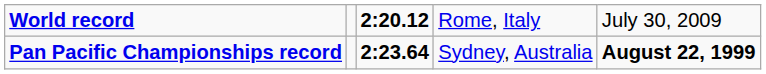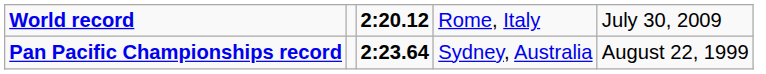 <table class="wikitable">
 <tr>
 <td><strong><a href='#'>World record</a></strong></td>
 <td></td>
 <td><strong>2:20.12</strong></td>
 <td><a href='#'>Rome</a>, <a href='#'>Italy</a></td>
 <td>July 30, 2009</td>
 </tr>
 <tr>
 <td><strong><a href='#'>Pan Pacific Championships record</a></strong></td>
 <td></td>
 <td><strong>2:23.64</strong></td>
 <td><a href='#'>Sydney</a>, <a href='#'>Australia</a></td>
-<td><strong>August 22, 1999</strong></td>
+<td>August 22, 1999</td>
 </tr>
 </table>
